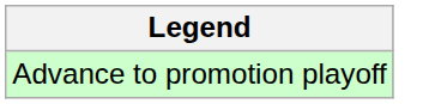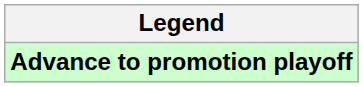 <table class="wikitable">
 <tr>
 <th>Legend</th>
 </tr>
 <tr bgcolor=ccffcc>
-<td>Advance to promotion playoff</td>
+<td><strong>Advance to promotion playoff</strong></td>
 </tr>
 </table>
